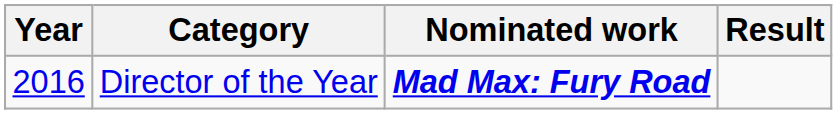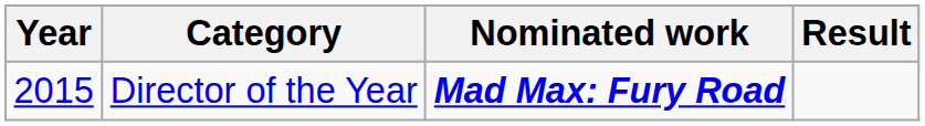 <table class="wikitable">
 <tr>
 <th>Year</th>
 <th>Category</th>
 <th>Nominated work</th>
 <th>Result</th>
 </tr>
 <tr>
-<td><a href='#'>2016</a></td>
+<td><a href='#'>2015</a></td>
 <td><a href='#'>Director of the Year</a></td>
 <td><strong><em><a href='#'>Mad Max: Fury Road</a></em></strong></td>
 <td></td>
 </tr>
 </table>
